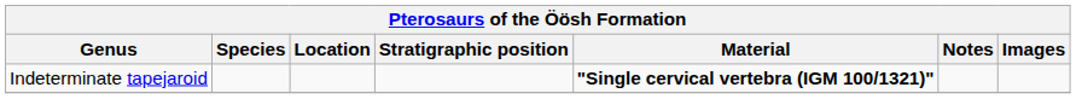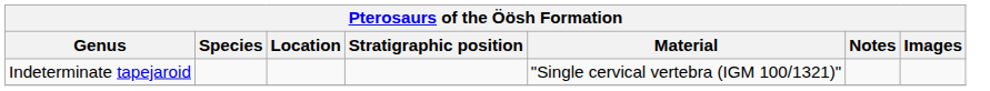 <table class="wikitable" align="center">
 <tr>
 <th colspan="7" align="center"><strong><a href='#'>Pterosaurs</a> of the Öösh Formation</strong></th>
 </tr>
 <tr>
 <th>Genus</th>
 <th>Species</th>
 <th>Location</th>
 <th>Stratigraphic position</th>
 <th>Material</th>
 <th>Notes</th>
 <th>Images</th>
 </tr>
 <tr>
 <td>Indeterminate <a href='#'>tapejaroid</a></td>
 <td></td>
 <td></td>
 <td></td>
-<td><strong>"Single cervical vertebra (IGM 100/1321)"</strong></td>
+<td>"Single cervical vertebra (IGM 100/1321)"</td>
 <td></td>
 <td></td>
 </tr>
 <tr>
 </tr>
 </table>
